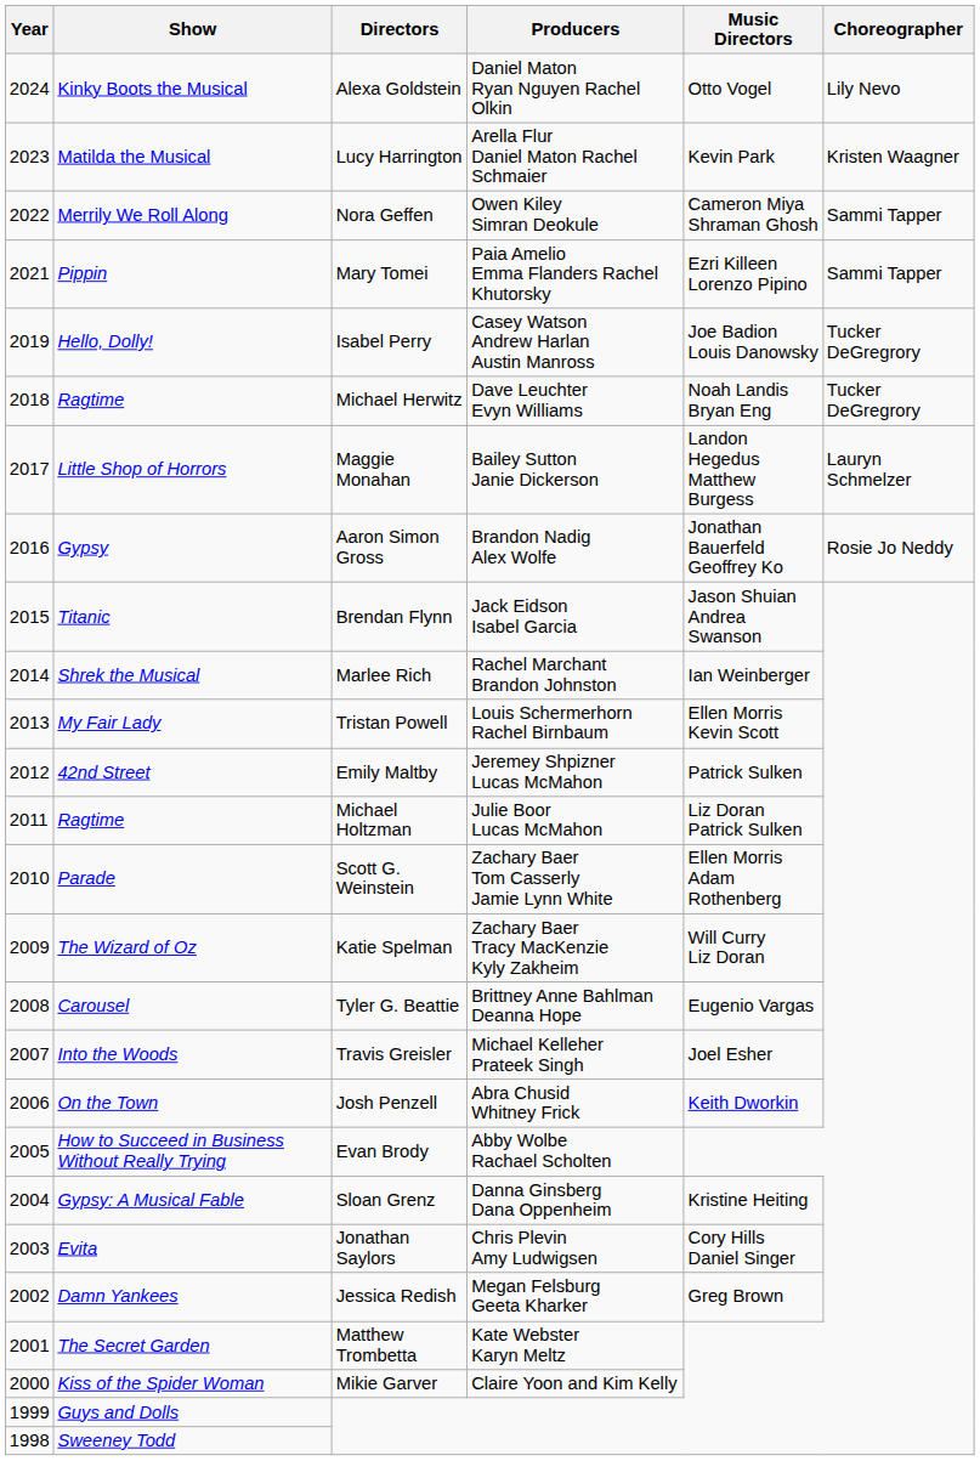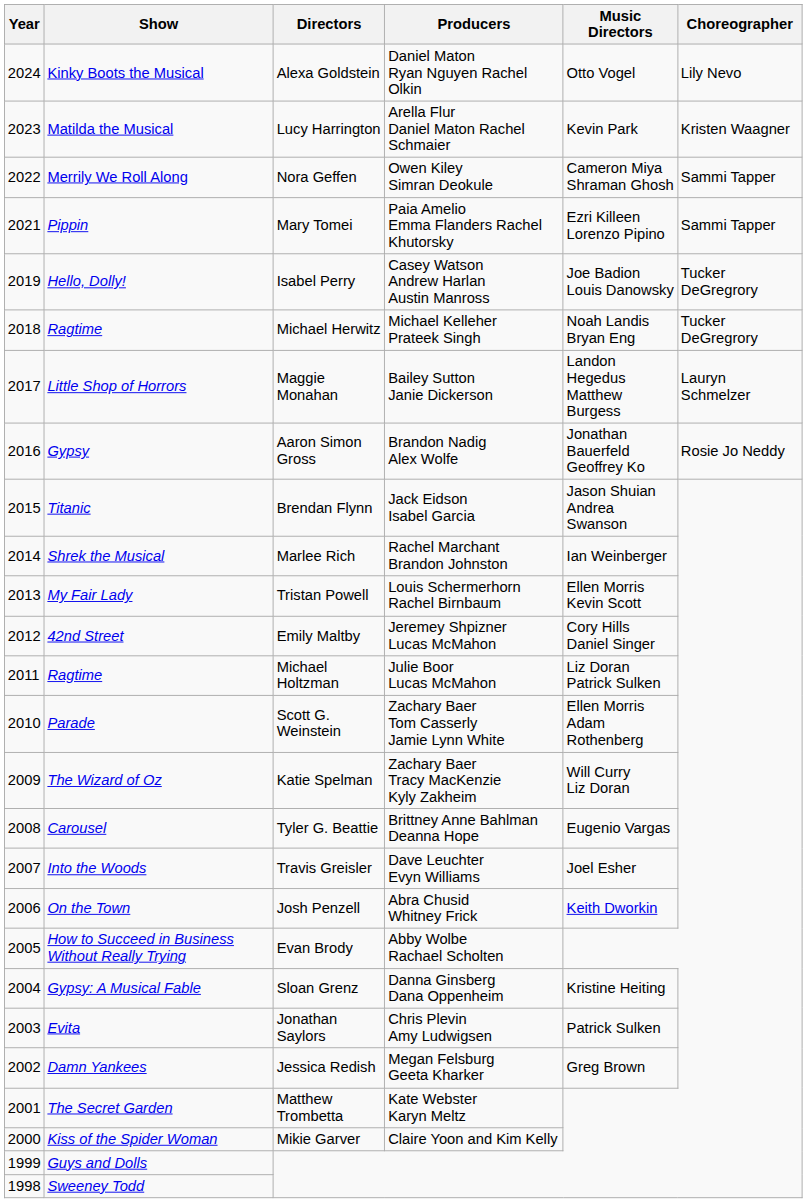 <table class="wikitable">
 <tr>
 <th>Year</th>
 <th>Show</th>
 <th>Directors</th>
 <th>Producers</th>
 <th>Music Directors</th>
 <th>Choreographer</th>
 </tr>
 <tr>
 <td>2024</td>
 <td><a href='#'>Kinky Boots the Musical</a></td>
 <td>Alexa Goldstein</td>
 <td>Daniel Maton<br>Ryan Nguyen Rachel Olkin</td>
 <td>Otto Vogel</td>
 <td>Lily Nevo</td>
 </tr>
 <tr>
 <td>2023</td>
 <td><a href='#'>Matilda the Musical</a></td>
 <td>Lucy Harrington</td>
 <td>Arella Flur<br>Daniel Maton Rachel Schmaier</td>
 <td>Kevin Park</td>
 <td>Kristen Waagner</td>
 </tr>
 <tr>
 <td>2022</td>
 <td><a href='#'> Merrily We Roll Along</a></td>
 <td>Nora Geffen</td>
 <td>Owen Kiley <br> Simran Deokule</td>
 <td>Cameron Miya <br> Shraman Ghosh</td>
 <td>Sammi Tapper</td>
 </tr>
 <tr>
 <td>2021</td>
 <td><em><a href='#'>Pippin</a></em></td>
 <td>Mary Tomei</td>
 <td>Paia Amelio<br>Emma Flanders Rachel Khutorsky</td>
 <td>Ezri Killeen<br>Lorenzo Pipino</td>
 <td>Sammi Tapper</td>
 </tr>
 <tr>
 <td>2019</td>
 <td><em><a href='#'>Hello, Dolly!</a></em></td>
 <td>Isabel Perry</td>
 <td>Casey Watson <br> Andrew Harlan <br> Austin Manross</td>
 <td>Joe Badion <br> Louis Danowsky</td>
 <td>Tucker DeGregrory</td>
 </tr>
 <tr>
 <td>2018</td>
 <td><em><a href='#'>Ragtime</a></em></td>
 <td>Michael Herwitz</td>
-<td>Dave Leuchter <br> Evyn Williams</td>
+<td>Michael Kelleher <br> Prateek Singh</td>
 <td>Noah Landis <br> Bryan Eng</td>
 <td>Tucker DeGregrory</td>
 </tr>
 <tr>
 <td>2017</td>
 <td><em><a href='#'>Little Shop of Horrors</a></em></td>
 <td>Maggie Monahan</td>
 <td>Bailey Sutton <br> Janie Dickerson</td>
 <td>Landon Hegedus <br> Matthew Burgess</td>
 <td>Lauryn Schmelzer</td>
 </tr>
 <tr>
 <td>2016</td>
 <td><em><a href='#'>Gypsy</a></em></td>
 <td>Aaron Simon Gross</td>
 <td>Brandon Nadig <br> Alex Wolfe</td>
 <td>Jonathan Bauerfeld <br> Geoffrey Ko</td>
 <td>Rosie Jo Neddy</td>
 </tr>
 <tr>
 <td>2015</td>
 <td><em><a href='#'>Titanic</a></em></td>
 <td>Brendan Flynn</td>
 <td>Jack Eidson <br> Isabel Garcia</td>
 <td>Jason Shuian <br> Andrea Swanson</td>
 </tr>
 <tr>
 <td>2014</td>
 <td><em><a href='#'>Shrek the Musical</a></em></td>
 <td>Marlee Rich</td>
 <td>Rachel Marchant <br> Brandon Johnston</td>
 <td>Ian Weinberger</td>
 </tr>
 <tr>
 <td>2013</td>
 <td><em><a href='#'>My Fair Lady</a></em></td>
 <td>Tristan Powell</td>
 <td>Louis Schermerhorn <br> Rachel Birnbaum</td>
 <td>Ellen Morris <br> Kevin Scott</td>
 </tr>
 <tr>
 <td>2012</td>
 <td><em><a href='#'>42nd Street</a></em></td>
 <td>Emily Maltby</td>
 <td>Jeremey Shpizner <br> Lucas McMahon</td>
-<td>Patrick Sulken</td>
+<td>Cory Hills <br> Daniel Singer</td>
 </tr>
 <tr>
 <td>2011</td>
 <td><em><a href='#'>Ragtime</a></em></td>
 <td>Michael Holtzman</td>
 <td>Julie Boor  <br> Lucas McMahon</td>
 <td>Liz Doran  <br> Patrick Sulken</td>
 </tr>
 <tr>
 <td>2010</td>
 <td><em><a href='#'>Parade</a></em></td>
 <td>Scott G. Weinstein</td>
 <td>Zachary Baer <br> Tom Casserly  <br> Jamie Lynn White</td>
 <td>Ellen Morris <br> Adam Rothenberg</td>
 </tr>
 <tr>
 <td>2009</td>
 <td><em><a href='#'>The Wizard of Oz</a></em></td>
 <td>Katie Spelman</td>
 <td>Zachary Baer  <br> Tracy MacKenzie  <br>  Kyly Zakheim</td>
 <td>Will Curry <br> Liz Doran</td>
 </tr>
 <tr>
 <td>2008</td>
 <td><em><a href='#'>Carousel</a></em></td>
 <td>Tyler G. Beattie</td>
 <td>Brittney Anne Bahlman <br> Deanna Hope</td>
 <td>Eugenio Vargas</td>
 </tr>
 <tr>
 <td>2007</td>
 <td><em><a href='#'>Into the Woods</a></em></td>
 <td>Travis Greisler</td>
-<td>Michael Kelleher <br> Prateek Singh</td>
+<td>Dave Leuchter <br> Evyn Williams</td>
 <td>Joel Esher</td>
 </tr>
 <tr>
 <td>2006</td>
 <td><em><a href='#'>On the Town</a></em></td>
 <td>Josh Penzell</td>
 <td>Abra Chusid <br> Whitney Frick</td>
 <td><a href='#'>Keith Dworkin</a></td>
 </tr>
 <tr>
 <td>2005</td>
 <td><em><a href='#'>How to Succeed in Business Without Really Trying</a></em></td>
 <td>Evan Brody</td>
 <td>Abby Wolbe <br> Rachael Scholten</td>
 </tr>
 <tr>
 <td>2004</td>
 <td><em><a href='#'>Gypsy: A Musical Fable</a></em></td>
 <td>Sloan Grenz</td>
 <td>Danna Ginsberg <br> Dana Oppenheim</td>
 <td>Kristine Heiting</td>
 </tr>
 <tr>
 <td>2003</td>
 <td><em><a href='#'>Evita</a></em></td>
 <td>Jonathan Saylors</td>
 <td>Chris Plevin <br> Amy Ludwigsen</td>
-<td>Cory Hills <br> Daniel Singer</td>
+<td>Patrick Sulken</td>
 </tr>
 <tr>
 <td>2002</td>
 <td><em><a href='#'>Damn Yankees</a></em></td>
 <td>Jessica Redish</td>
 <td>Megan Felsburg  <br> Geeta Kharker</td>
 <td>Greg Brown</td>
 </tr>
 <tr>
 <td>2001</td>
 <td><em><a href='#'>The Secret Garden</a></em></td>
 <td>Matthew Trombetta</td>
 <td>Kate Webster  <br> Karyn Meltz</td>
 </tr>
 <tr>
 <td>2000</td>
 <td><em><a href='#'>Kiss of the Spider Woman</a></em></td>
 <td>Mikie Garver</td>
 <td>Claire Yoon and Kim Kelly</td>
 </tr>
 <tr>
 <td>1999</td>
 <td><em><a href='#'>Guys and Dolls</a></em></td>
 </tr>
 <tr>
 <td>1998</td>
 <td><em><a href='#'>Sweeney Todd</a></em></td>
 </tr>
 </table>
